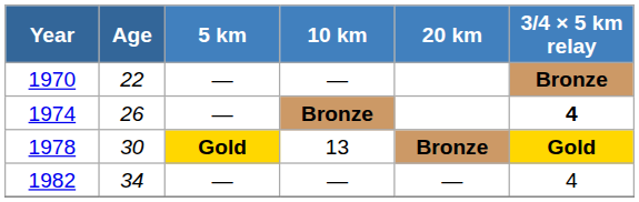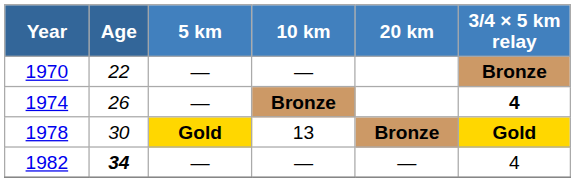 <table class="wikitable" style="font-size:95%; text-align:center; border:grey solid 1px; border-collapse:collapse; background:#ffffff;">
 <tr>
 <th style="background-color:#369; color:white; width:60px;"> Year </th>
 <th style="background-color:#369; color:white; width:40px;"> Age </th>
 <th style="background-color:#4180be; color:white; width:75px;"> 5 km </th>
 <th style="background-color:#4180be; color:white; width:75px;"> 10 km </th>
 <th style="background-color:#4180be; color:white; width:75px;"> 20 km </th>
 <th style="background-color:#4180be; color:white; width:75px;"> 3/4 × 5 km <br> relay </th>
 </tr>
 <tr>
 <td><a href='#'>1970</a></td>
 <td><em>22</em></td>
 <td>—</td>
 <td>—</td>
 <td></td>
 <td bgcolor="cc9966"><strong>Bronze</strong></td>
 </tr>
 <tr>
 <td><a href='#'>1974</a></td>
 <td><em>26</em></td>
 <td>—</td>
 <td bgcolor="cc9966"><strong>Bronze</strong></td>
 <td></td>
 <td><strong>4</strong></td>
 </tr>
 <tr>
 <td><a href='#'>1978</a></td>
 <td><em>30</em></td>
 <td style="background:gold;"><strong>Gold</strong></td>
 <td>13</td>
 <td bgcolor="cc9966"><strong>Bronze</strong></td>
 <td style="background:gold;"><strong>Gold</strong></td>
 </tr>
 <tr>
 <td><a href='#'>1982</a></td>
-<td><em>34</em></td>
+<td><strong><em>34</em></strong></td>
 <td>—</td>
 <td>—</td>
 <td>—</td>
 <td>4</td>
 </tr>
 <tr>
 </tr>
 </table>
